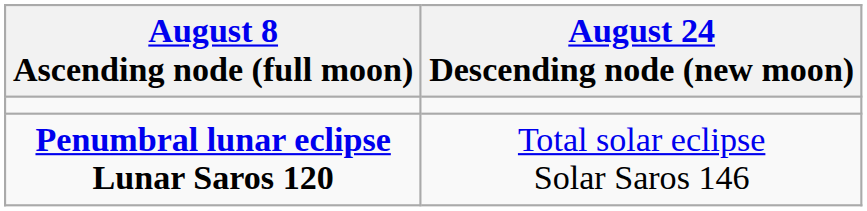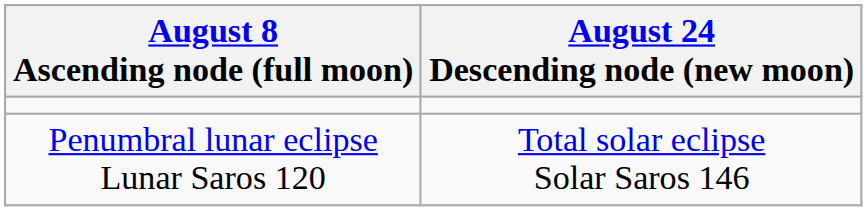 <table class="wikitable">
 <tr>
 <th><a href='#'>August 8</a><br>Ascending node (full moon)<br></th>
 <th><a href='#'>August 24</a><br>Descending node (new moon)<br></th>
 </tr>
 <tr>
 <td></td>
 <td></td>
 </tr>
 <tr align=center>
-<td><strong><a href='#'>Penumbral lunar eclipse</a><br>Lunar Saros 120</strong></td>
+<td><a href='#'>Penumbral lunar eclipse</a><br>Lunar Saros 120</td>
 <td><a href='#'>Total solar eclipse</a><br>Solar Saros 146</td>
 </tr>
 </table>
